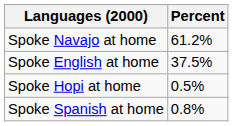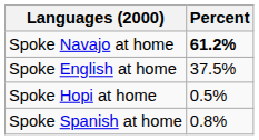 <table class="wikitable sortable collapsible" style="font-size: 90%;">
 <tr>
 <th>Languages (2000) </th>
 <th>Percent</th>
 </tr>
 <tr>
 <td>Spoke <a href='#'>Navajo</a> at home</td>
-<td>61.2%</td>
+<td><strong>61.2%</strong></td>
 </tr>
 <tr>
 <td>Spoke <a href='#'>English</a> at home</td>
 <td>37.5%</td>
 </tr>
 <tr>
 <td>Spoke <a href='#'>Hopi</a> at home</td>
 <td>0.5%</td>
 </tr>
 <tr>
 <td>Spoke <a href='#'>Spanish</a> at home</td>
 <td>0.8%</td>
 </tr>
 </table>
